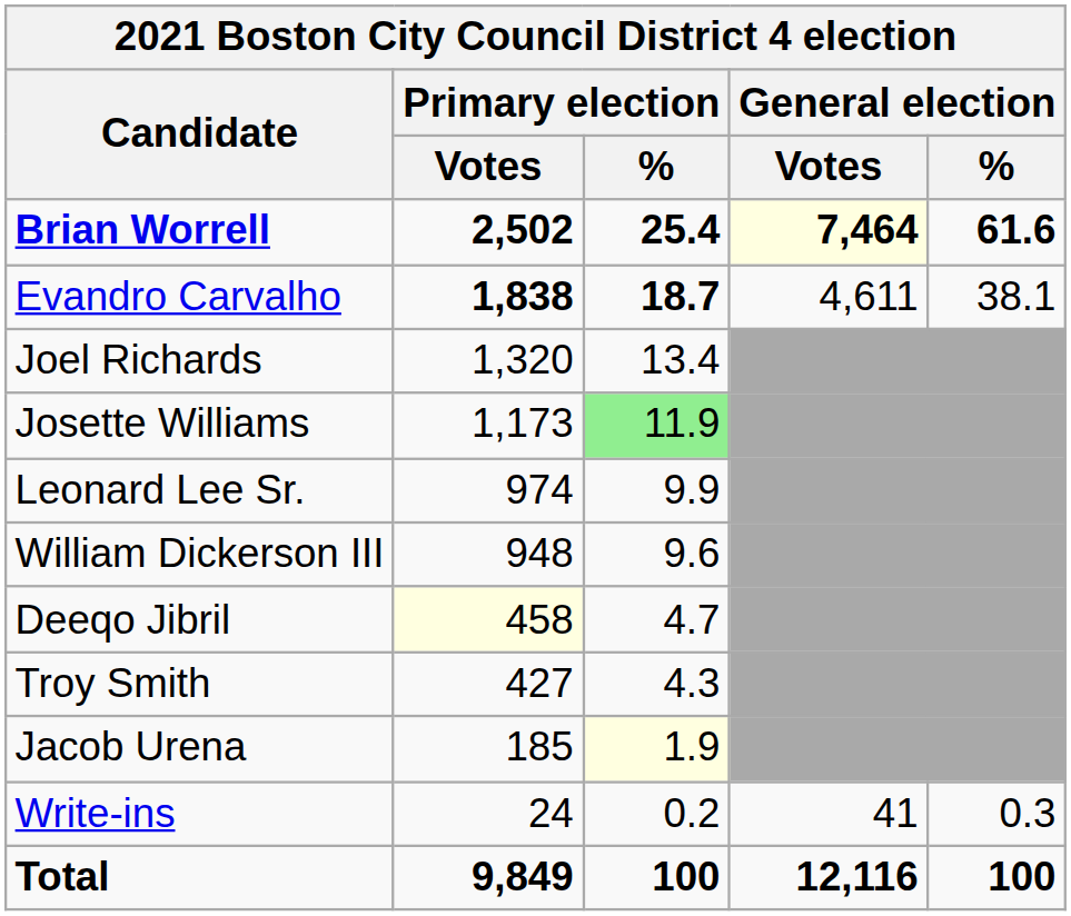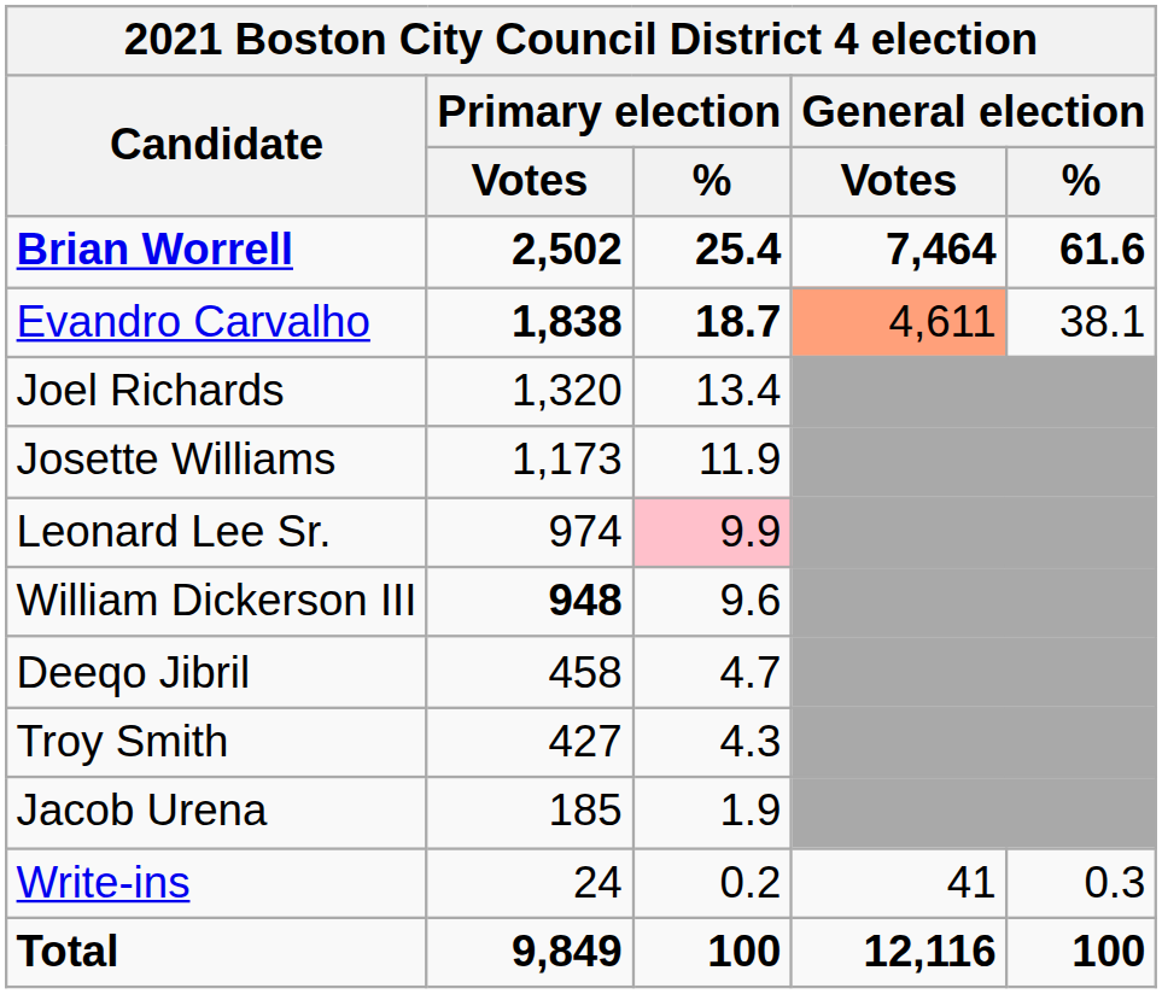 <table class=wikitable>
 <tr>
 <th colspan=5>2021 Boston City Council District 4 election</th>
 </tr>
 <tr>
 <th colspan=1 rowspan=2>Candidate</th>
 <th colspan=2><strong>Primary election</strong></th>
 <th colspan=2><strong>General election</strong></th>
 </tr>
 <tr>
 <th>Votes</th>
 <th>%</th>
 <th>Votes</th>
 <th>%</th>
 </tr>
 <tr>
 <td><strong><a href='#'>Brian Worrell</a></strong></td>
 <td align="right"><strong>2,502</strong></td>
 <td align="right"><strong>25.4</strong></td>
-<td align="right" style="background: lightyellow;"><strong>7,464</strong></td>
+<td align="right"><strong>7,464</strong></td>
 <td align="right"><strong>61.6</strong></td>
 </tr>
 <tr>
 <td><a href='#'>Evandro Carvalho</a></td>
 <td align="right"><strong>1,838</strong></td>
 <td align="right"><strong>18.7</strong></td>
-<td align="right">4,611</td>
+<td align="right" style="background: lightsalmon;">4,611</td>
 <td align="right">38.1</td>
 </tr>
 <tr>
 <td>Joel Richards</td>
 <td align="right">1,320</td>
 <td align="right">13.4</td>
 <td colspan=2 bgcolor=darkgray> </td>
 </tr>
 <tr>
 <td>Josette Williams</td>
 <td align="right">1,173</td>
-<td align="right" style="background: lightgreen;">11.9</td>
+<td align="right">11.9</td>
 <td colspan=2 bgcolor=darkgray> </td>
 </tr>
 <tr>
 <td>Leonard Lee Sr.</td>
 <td align="right">974</td>
-<td align="right">9.9</td>
+<td align="right" style="background: pink;">9.9</td>
 <td colspan=2 bgcolor=darkgray> </td>
 </tr>
 <tr>
 <td>William Dickerson III</td>
-<td align="right">948</td>
+<td align="right"><strong>948</strong></td>
 <td align="right">9.6</td>
 <td colspan=2 bgcolor=darkgray> </td>
 </tr>
 <tr>
 <td>Deeqo Jibril</td>
-<td align="right" style="background: lightyellow;">458</td>
+<td align="right">458</td>
 <td align="right">4.7</td>
 <td colspan=2 bgcolor=darkgray> </td>
 </tr>
 <tr>
 <td>Troy Smith</td>
 <td align="right">427</td>
 <td align="right">4.3</td>
 <td colspan=2 bgcolor=darkgray> </td>
 </tr>
 <tr>
 <td>Jacob Urena</td>
 <td align="right">185</td>
-<td align="right" style="background: lightyellow;">1.9</td>
+<td align="right">1.9</td>
 <td colspan=2 bgcolor=darkgray> </td>
 </tr>
 <tr>
 <td><a href='#'>Write-ins</a></td>
 <td align="right">24</td>
 <td align="right">0.2</td>
 <td align="right">41</td>
 <td align="right">0.3</td>
 </tr>
 <tr>
 <td><strong>Total</strong></td>
 <td align="right"><strong>9,849</strong></td>
 <td align="right"><strong>100</strong></td>
 <td align="right"><strong>12,116</strong></td>
 <td align="right"><strong>100</strong></td>
 </tr>
 </table>
